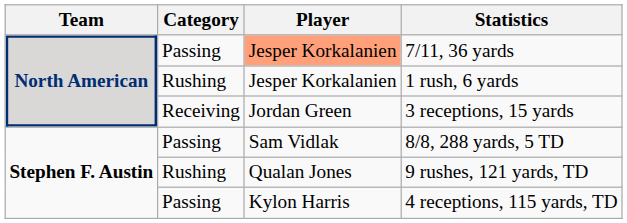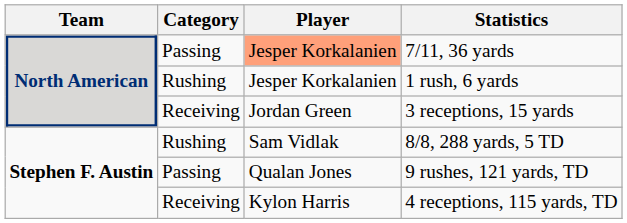 <table class="wikitable" style="float: right;">
 <tr>
 <th>Team</th>
 <th>Category</th>
 <th>Player</th>
 <th>Statistics</th>
 </tr>
 <tr>
 <td rowspan=3 style="background-color:#D9D8D6;color:#002D74;box-shadow: inset 2px 2px 0 #002D74, inset -2px -2px 0 #002D74; text-align:center;"><strong>North American</strong></td>
 <td>Passing</td>
 <td style="background: lightsalmon;">Jesper Korkalanien</td>
 <td>7/11, 36 yards</td>
 </tr>
 <tr>
 <td>Rushing</td>
 <td>Jesper Korkalanien</td>
 <td>1 rush, 6 yards</td>
 </tr>
 <tr>
 <td>Receiving</td>
 <td>Jordan Green</td>
 <td>3 receptions, 15 yards</td>
 </tr>
 <tr>
 <td rowspan=3><strong>Stephen F. Austin</strong></td>
-<td>Passing</td>
+<td>Rushing</td>
 <td>Sam Vidlak</td>
 <td>8/8, 288 yards, 5 TD</td>
 </tr>
 <tr>
-<td>Rushing</td>
+<td>Passing</td>
 <td>Qualan Jones</td>
 <td>9 rushes, 121 yards, TD</td>
 </tr>
 <tr>
-<td>Passing</td>
+<td>Receiving</td>
 <td>Kylon Harris</td>
 <td>4 receptions, 115 yards, TD</td>
 </tr>
 </table>
